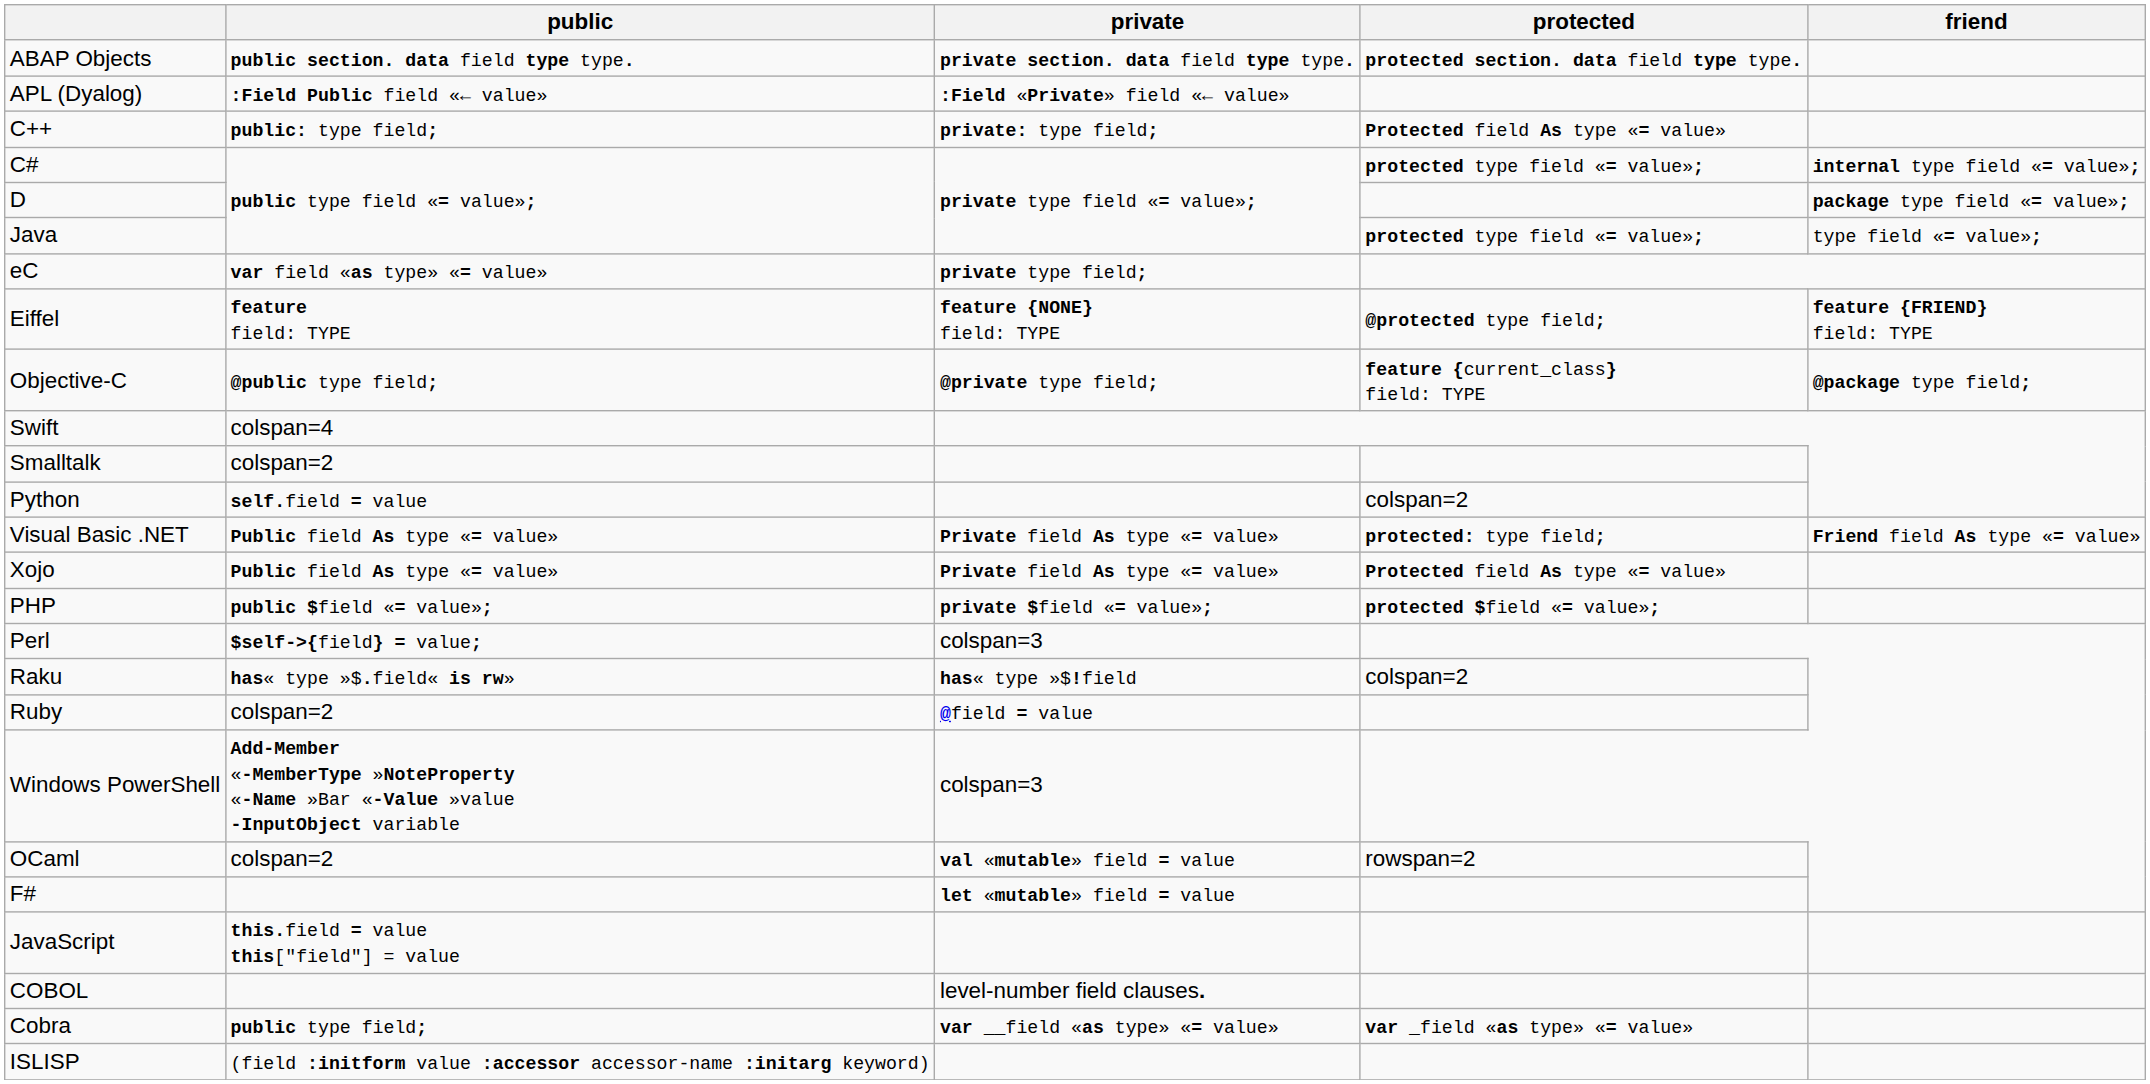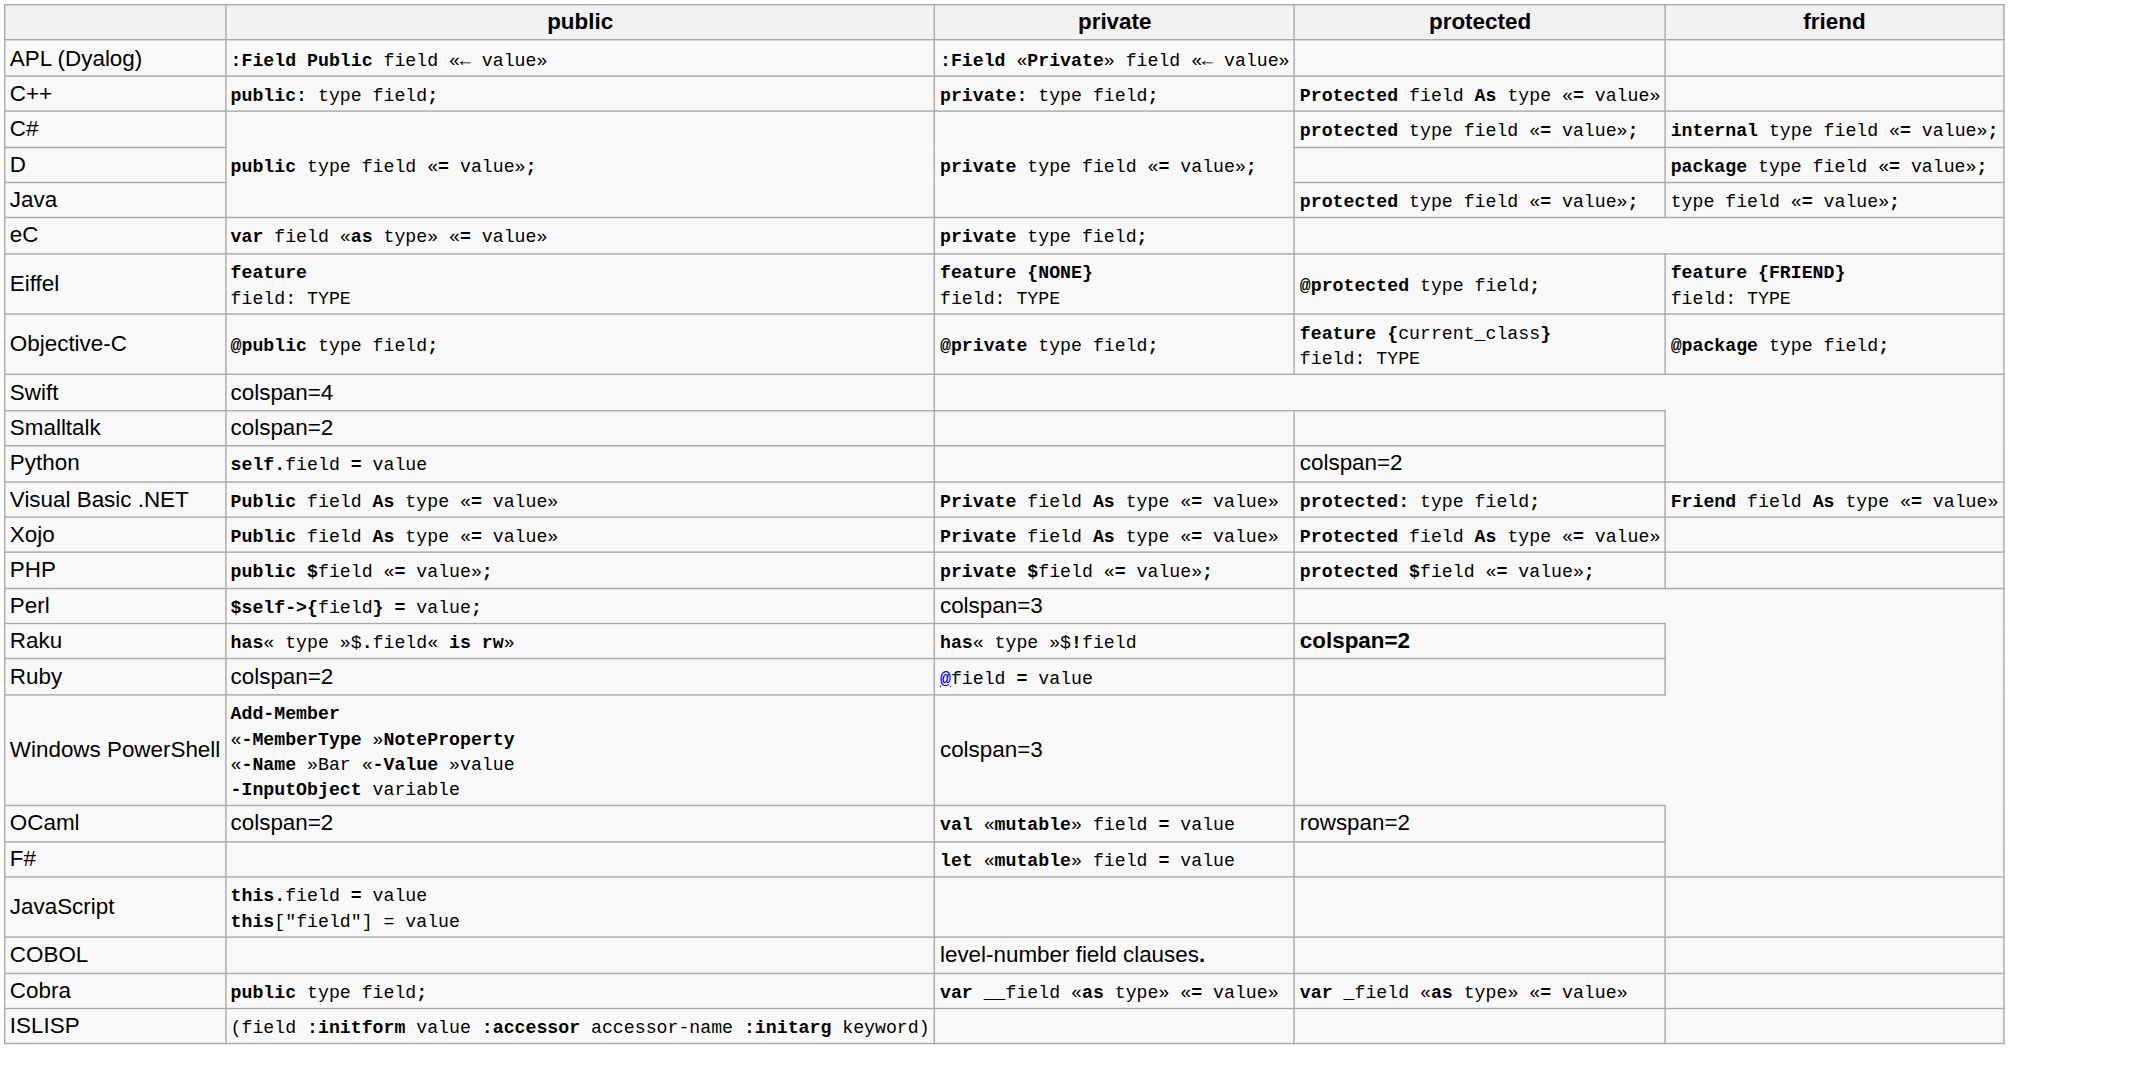 <table class="wikitable">
 <tr>
 <th></th>
 <th>public</th>
 <th>private</th>
 <th>protected</th>
 <th>friend</th>
-</tr>
-<tr>
-<td>ABAP Objects</td>
-<td><code><strong>public section. data</strong> field <strong>type</strong> type<strong>.</strong></code></td>
-<td><code><strong>private section. data</strong> field <strong>type</strong> type<strong>.</strong></code></td>
-<td><code><strong>protected section. data</strong> field <strong>type</strong> type<strong>.</strong></code></td>
-<td></td>
 </tr>
 <tr>
 <td>APL (Dyalog)</td>
 <td><code><strong>:Field Public</strong> field «<strong>←</strong> value»</code></td>
 <td><code><strong>:Field</strong> «<strong>Private</strong>» field «<strong>←</strong> value»</code></td>
 <td></td>
 <td></td>
 </tr>
 <tr>
 <td>C++</td>
 <td><code><strong>public: </strong>type field<strong>;</strong></code></td>
 <td><code><strong>private: </strong>type field<strong>;</strong></code></td>
 <td><code><strong>Protected </strong>field<strong> As </strong>type «<strong>=</strong> value»</code></td>
 <td></td>
 </tr>
 <tr>
 <td>C#</td>
 <td rowspan=3><code><strong>public </strong>type field «<strong>=</strong> value»<strong>;</strong></code></td>
 <td rowspan=3><code><strong>private </strong>type field «<strong>=</strong> value»<strong>;</strong></code></td>
 <td><code><strong>protected </strong>type field «<strong>=</strong> value»<strong>;</strong></code></td>
 <td><code><strong>internal</strong> type field «<strong>=</strong> value»<strong>;</strong></code></td>
 </tr>
 <tr>
 <td>D</td>
 <td></td>
 <td><code><strong>package</strong> type field «<strong>=</strong> value»<strong>;</strong></code></td>
 </tr>
 <tr>
 <td>Java</td>
 <td><code><strong>protected </strong>type field «<strong>=</strong> value»<strong>;</strong></code></td>
 <td><code>type field «<strong>=</strong> value»<strong>;</strong></code></td>
 </tr>
 <tr>
 <td>eC</td>
 <td><code><strong>var</strong> field «<strong>as</strong> type» «<strong>=</strong> value»</code></td>
 <td><code><strong>private</strong> type field<strong>;</strong></code></td>
 </tr>
 <tr>
 <td>Eiffel</td>
 <td><code><strong>feature</strong><br> field: TYPE</code></td>
 <td><code><strong>feature {NONE}</strong><br> field: TYPE</code></td>
 <td><code><strong>@protected </strong>type field<strong>;</strong></code></td>
 <td><code><strong>feature {FRIEND}</strong> <br> field: TYPE</code></td>
 </tr>
 <tr>
 <td>Objective-C</td>
 <td><code><strong>@public </strong>type field<strong>;</strong></code></td>
 <td><code><strong>@private </strong>type field<strong>;</strong></code></td>
 <td><code><strong>feature {</strong>current_class<strong>}</strong> <br> field: TYPE</code></td>
 <td><code><strong>@package </strong>type field<strong>;</strong></code></td>
 </tr>
 <tr>
 <td>Swift</td>
 <td>colspan=4 </td>
 </tr>
 <tr>
 <td>Smalltalk</td>
 <td>colspan=2 </td>
 <td></td>
 <td></td>
 </tr>
 <tr>
 <td>Python</td>
 <td><code><strong>self.</strong>field<strong> = </strong>value</code></td>
 <td></td>
 <td>colspan=2 </td>
 </tr>
 <tr valign="top">
 <td>Visual Basic .NET</td>
 <td><code><strong>Public </strong>field<strong> As </strong>type «<strong>=</strong> value»</code></td>
 <td><code><strong>Private </strong>field<strong> As </strong>type «<strong>=</strong> value»</code></td>
 <td><code><strong>protected: </strong>type field<strong>;</strong></code></td>
 <td><code><strong>Friend </strong>field<strong> As </strong>type «<strong>=</strong> value»</code></td>
 </tr>
 <tr valign="top">
 <td>Xojo</td>
 <td><code><strong>Public </strong>field<strong> As </strong>type «<strong>=</strong> value»</code></td>
 <td><code><strong>Private </strong>field<strong> As </strong>type «<strong>=</strong> value»</code></td>
 <td><code><strong>Protected </strong>field<strong> As </strong>type «<strong>=</strong> value»</code></td>
 <td></td>
 </tr>
 <tr>
 <td>PHP</td>
 <td><code><strong>public $</strong>field «<strong>=</strong> value»<strong>;</strong></code></td>
 <td><code><strong>private $</strong>field «<strong>=</strong> value»<strong>;</strong></code></td>
 <td><code><strong>protected $</strong>field «<strong>=</strong> value»<strong>;</strong></code></td>
 <td></td>
 </tr>
 <tr>
 <td>Perl</td>
 <td><code><strong>$self->{</strong>field<strong>} = </strong>value<strong>;</strong></code></td>
 <td>colspan=3 </td>
 </tr>
 <tr>
 <td>Raku</td>
 <td><code><strong>has</strong>« type »$<strong>.</strong>field« <strong>is rw</strong>»</code></td>
 <td><code><strong>has</strong>« type »$<strong>!</strong>field</code></td>
-<td>colspan=2 </td>
+<td><strong>colspan=2 </strong></td>
 </tr>
 <tr>
 <td>Ruby</td>
 <td>colspan=2 </td>
 <td><code><strong><a href='#'>@</a></strong>field <strong>=</strong> value</code></td>
 <td></td>
 </tr>
 <tr>
 <td>Windows PowerShell</td>
 <td><code><strong>Add-Member </strong><br>«<strong>-MemberType </strong>»<strong>NoteProperty </strong><br>«<strong>-Name </strong>»Bar «<strong>-Value </strong>»value<br><strong>-InputObject </strong>variable</code></td>
 <td>colspan=3 </td>
 </tr>
 <tr>
 <td>OCaml</td>
 <td>colspan=2 </td>
 <td><code><strong>val</strong> «<strong>mutable</strong>» field <strong>=</strong> value</code></td>
 <td>rowspan=2 </td>
 </tr>
 <tr>
 <td>F#</td>
 <td></td>
 <td><code><strong>let</strong> «<strong>mutable</strong>» field <strong>=</strong> value</code></td>
 <td></td>
 </tr>
 <tr>
 <td>JavaScript</td>
 <td><code><strong>this.</strong>field<strong> = </strong>value <br> <strong>this</strong>["field"] = value</code></td>
 <td></td>
 <td></td>
 <td></td>
 </tr>
 <tr>
 <td>COBOL</td>
 <td></td>
 <td>level-number field clauses<strong>.</strong></td>
 <td></td>
 <td></td>
 </tr>
 <tr>
 <td>Cobra</td>
 <td><code><strong>public</strong> type field<strong>;</strong></code></td>
 <td><code><strong>var</strong> <strong>__</strong>field «<strong>as</strong> type» «<strong>=</strong> value»</code></td>
 <td><code><strong>var</strong> <strong>_</strong>field «<strong>as</strong> type» «<strong>=</strong> value»</code></td>
 <td></td>
 </tr>
 <tr>
 <td>ISLISP</td>
 <td><code>(field <strong>:initform</strong> value <strong>:accessor</strong> accessor-name <strong>:initarg</strong> keyword)</code></td>
 <td></td>
 <td></td>
 <td></td>
 </tr>
 </table>
